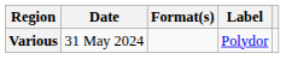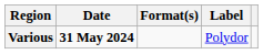 <table class="wikitable plainrowheaders">
 <tr>
 <th scope="col">Region</th>
 <th scope="col">Date</th>
 <th scope="col">Format(s)</th>
 <th scope="col">Label</th>
 <th scope="col"></th>
 </tr>
 <tr>
 <th rowspan="2" scope="row">Various</th>
-<td>31 May 2024</td>
+<td><strong>31 May 2024</strong></td>
 <td rowspan="2"></td>
 <td rowspan="2"><a href='#'>Polydor</a></td>
 <td style="text-align:center;"></td>
 </tr>
 </table>
